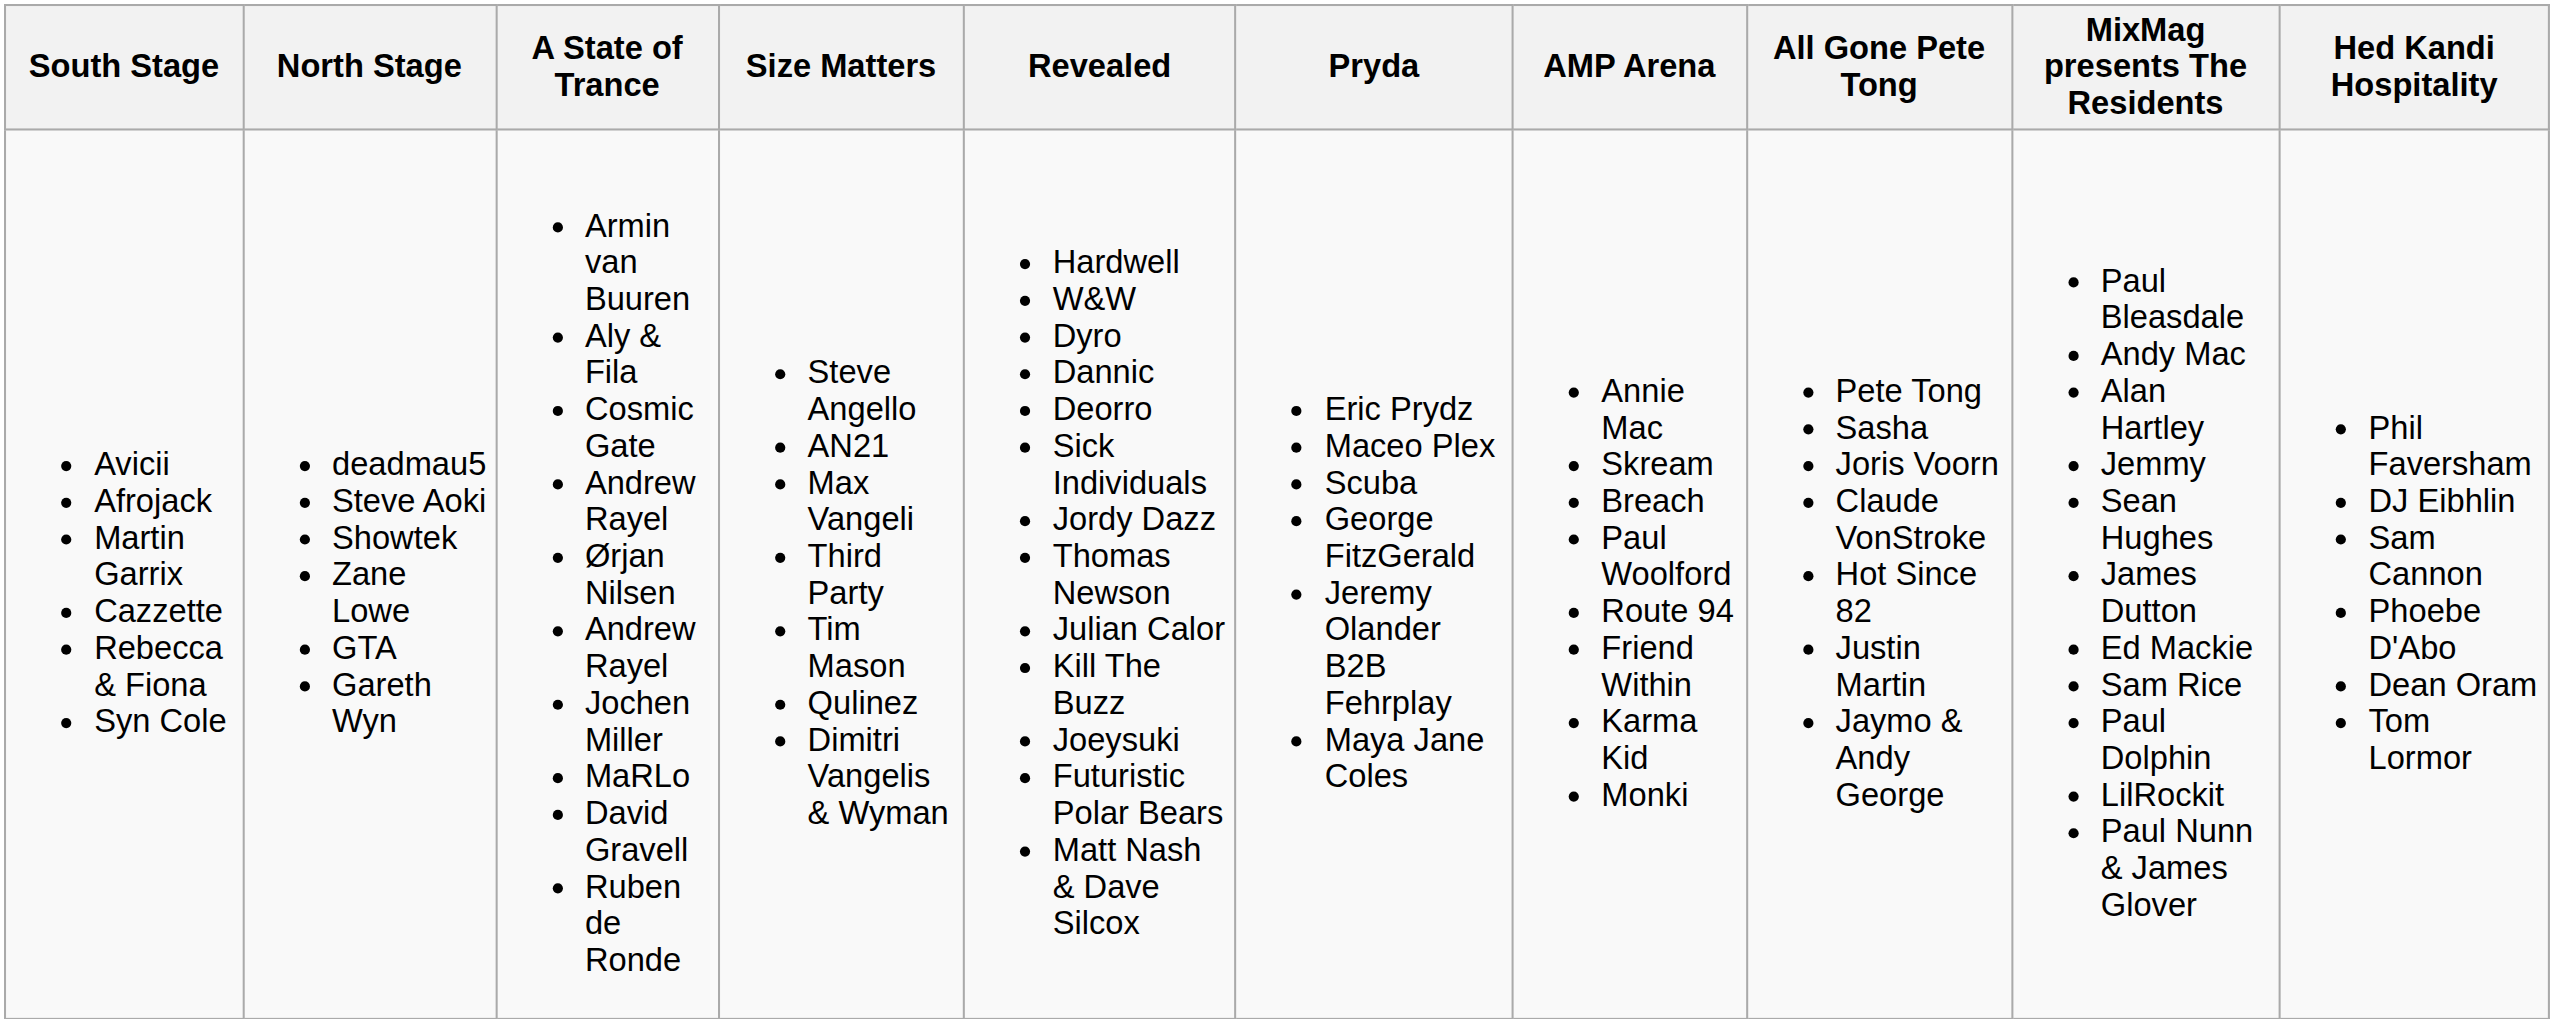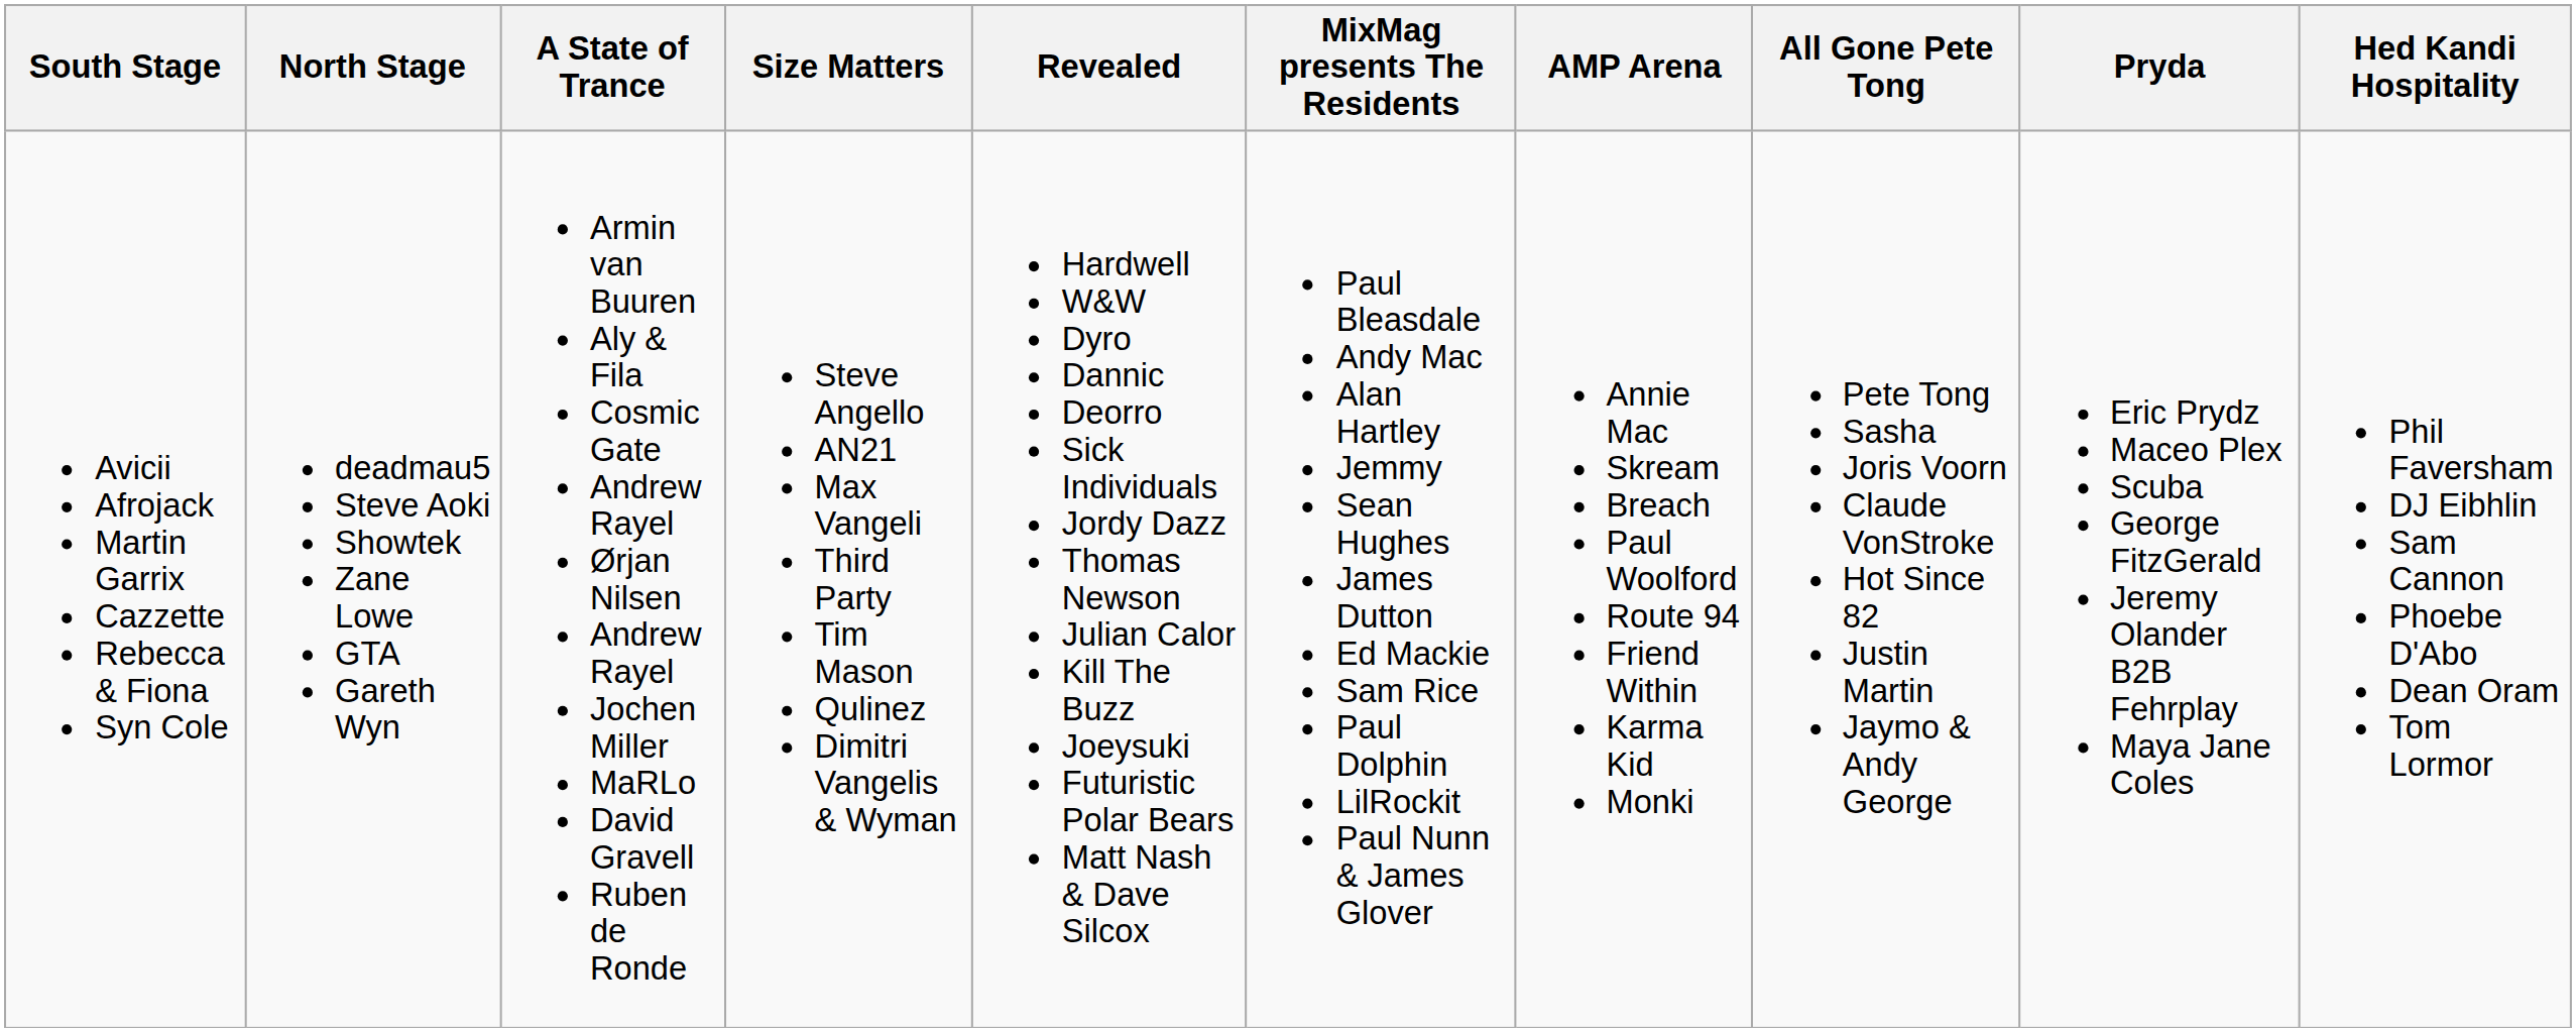 <table class="wikitable">
 <tr>
 <th>South Stage</th>
 <th>North Stage</th>
 <th>A State of Trance</th>
 <th>Size Matters</th>
 <th>Revealed</th>
-<th>Pryda</th>
+<th>MixMag presents The Residents</th>
 <th>AMP Arena</th>
 <th>All Gone Pete Tong</th>
-<th>MixMag presents The Residents</th>
+<th>Pryda</th>
 <th>Hed Kandi Hospitality</th>
 </tr>
 <tr>
 <td><br><ul><li>Avicii</li><li>Afrojack</li><li>Martin Garrix</li><li>Cazzette</li><li>Rebecca & Fiona</li><li>Syn Cole</li></ul></td>
 <td><br><ul><li>deadmau5</li><li>Steve Aoki</li><li>Showtek</li><li>Zane Lowe</li><li>GTA</li><li>Gareth Wyn</li></ul></td>
 <td><br><ul><li>Armin van Buuren</li><li>Aly & Fila</li><li>Cosmic Gate</li><li>Andrew Rayel</li><li>Ørjan Nilsen</li><li>Andrew Rayel</li><li>Jochen Miller</li><li>MaRLo</li><li>David Gravell</li><li>Ruben de Ronde</li></ul></td>
 <td><br><ul><li>Steve Angello</li><li>AN21</li><li>Max Vangeli</li><li>Third Party</li><li>Tim Mason</li><li>Qulinez</li><li>Dimitri Vangelis & Wyman</li></ul></td>
 <td><br><ul><li>Hardwell</li><li>W&W</li><li>Dyro</li><li>Dannic</li><li>Deorro</li><li>Sick Individuals</li><li>Jordy Dazz</li><li>Thomas Newson</li><li>Julian Calor</li><li>Kill The Buzz</li><li>Joeysuki</li><li>Futuristic Polar Bears</li><li>Matt Nash & Dave Silcox</li></ul></td>
-<td><br><ul><li>Eric Prydz</li><li>Maceo Plex</li><li>Scuba</li><li>George FitzGerald</li><li>Jeremy Olander B2B Fehrplay</li><li>Maya Jane Coles</li></ul></td>
+<td><br><ul><li>Paul Bleasdale</li><li>Andy Mac</li><li>Alan Hartley</li><li>Jemmy</li><li>Sean Hughes</li><li>James Dutton</li><li>Ed Mackie</li><li>Sam Rice</li><li>Paul Dolphin</li><li>LilRockit</li><li>Paul Nunn & James Glover</li></ul></td>
 <td><br><ul><li>Annie Mac</li><li>Skream</li><li>Breach</li><li>Paul Woolford</li><li>Route 94</li><li>Friend Within</li><li>Karma Kid</li><li>Monki</li></ul></td>
 <td><br><ul><li>Pete Tong</li><li>Sasha</li><li>Joris Voorn</li><li>Claude VonStroke</li><li>Hot Since 82</li><li>Justin Martin</li><li>Jaymo & Andy George</li></ul></td>
-<td><br><ul><li>Paul Bleasdale</li><li>Andy Mac</li><li>Alan Hartley</li><li>Jemmy</li><li>Sean Hughes</li><li>James Dutton</li><li>Ed Mackie</li><li>Sam Rice</li><li>Paul Dolphin</li><li>LilRockit</li><li>Paul Nunn & James Glover</li></ul></td>
+<td><br><ul><li>Eric Prydz</li><li>Maceo Plex</li><li>Scuba</li><li>George FitzGerald</li><li>Jeremy Olander B2B Fehrplay</li><li>Maya Jane Coles</li></ul></td>
 <td><br><ul><li>Phil Faversham</li><li>DJ Eibhlin</li><li>Sam Cannon</li><li>Phoebe D'Abo</li><li>Dean Oram</li><li>Tom Lormor</li></ul></td>
 </tr>
 </table>
